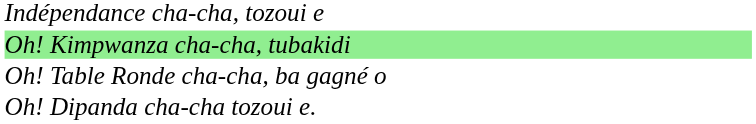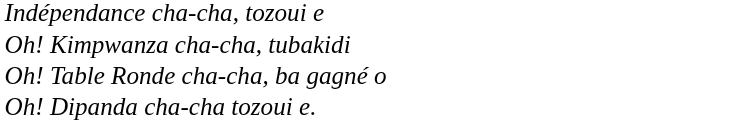 <table style="margin:auto; width:480px; height10px;" cellpadding="0">
 <tr>
 <td><em>Indépendance cha-cha, tozoui e</em></td>
 </tr>
 <tr>
-<td style="background: lightgreen;"><em>Oh! Kimpwanza cha-cha, tubakidi</em></td>
+<td><em>Oh! Kimpwanza cha-cha, tubakidi</em></td>
 </tr>
 <tr>
 <td><em>Oh! Table Ronde cha-cha, ba gagné o</em></td>
 </tr>
 <tr>
 <td><em>Oh! Dipanda cha-cha tozoui e.</em></td>
 </tr>
 </table>
